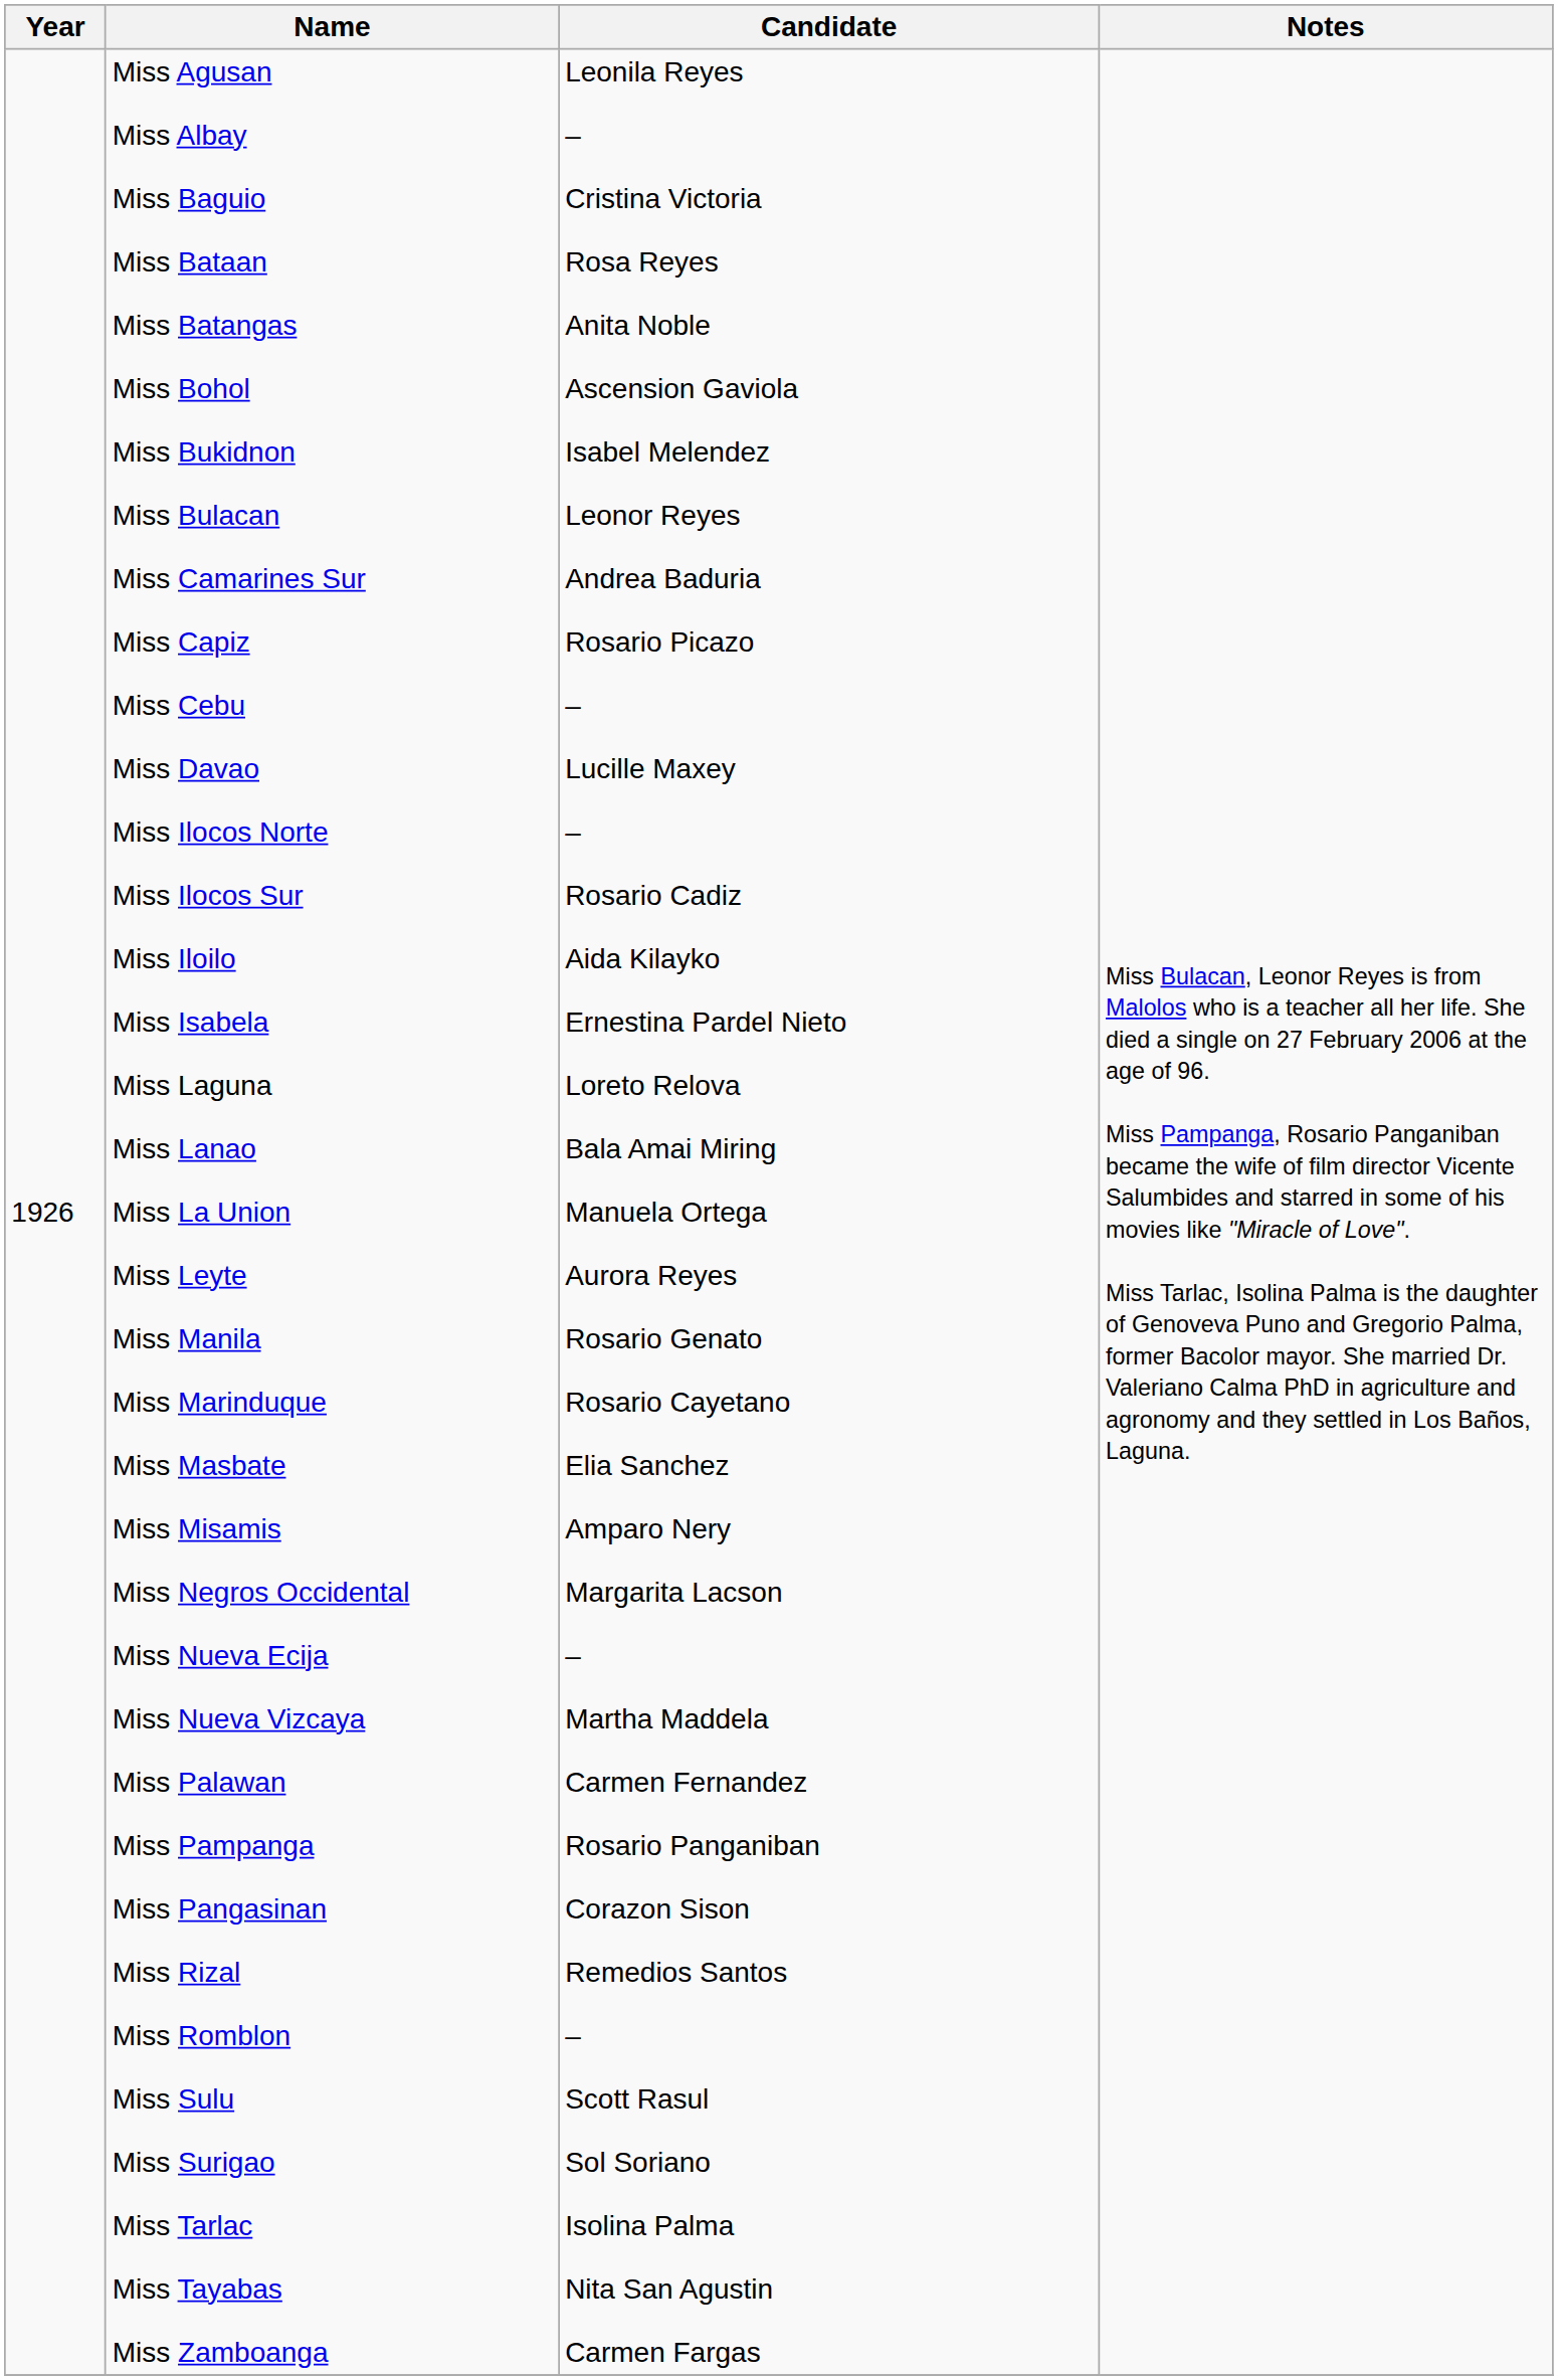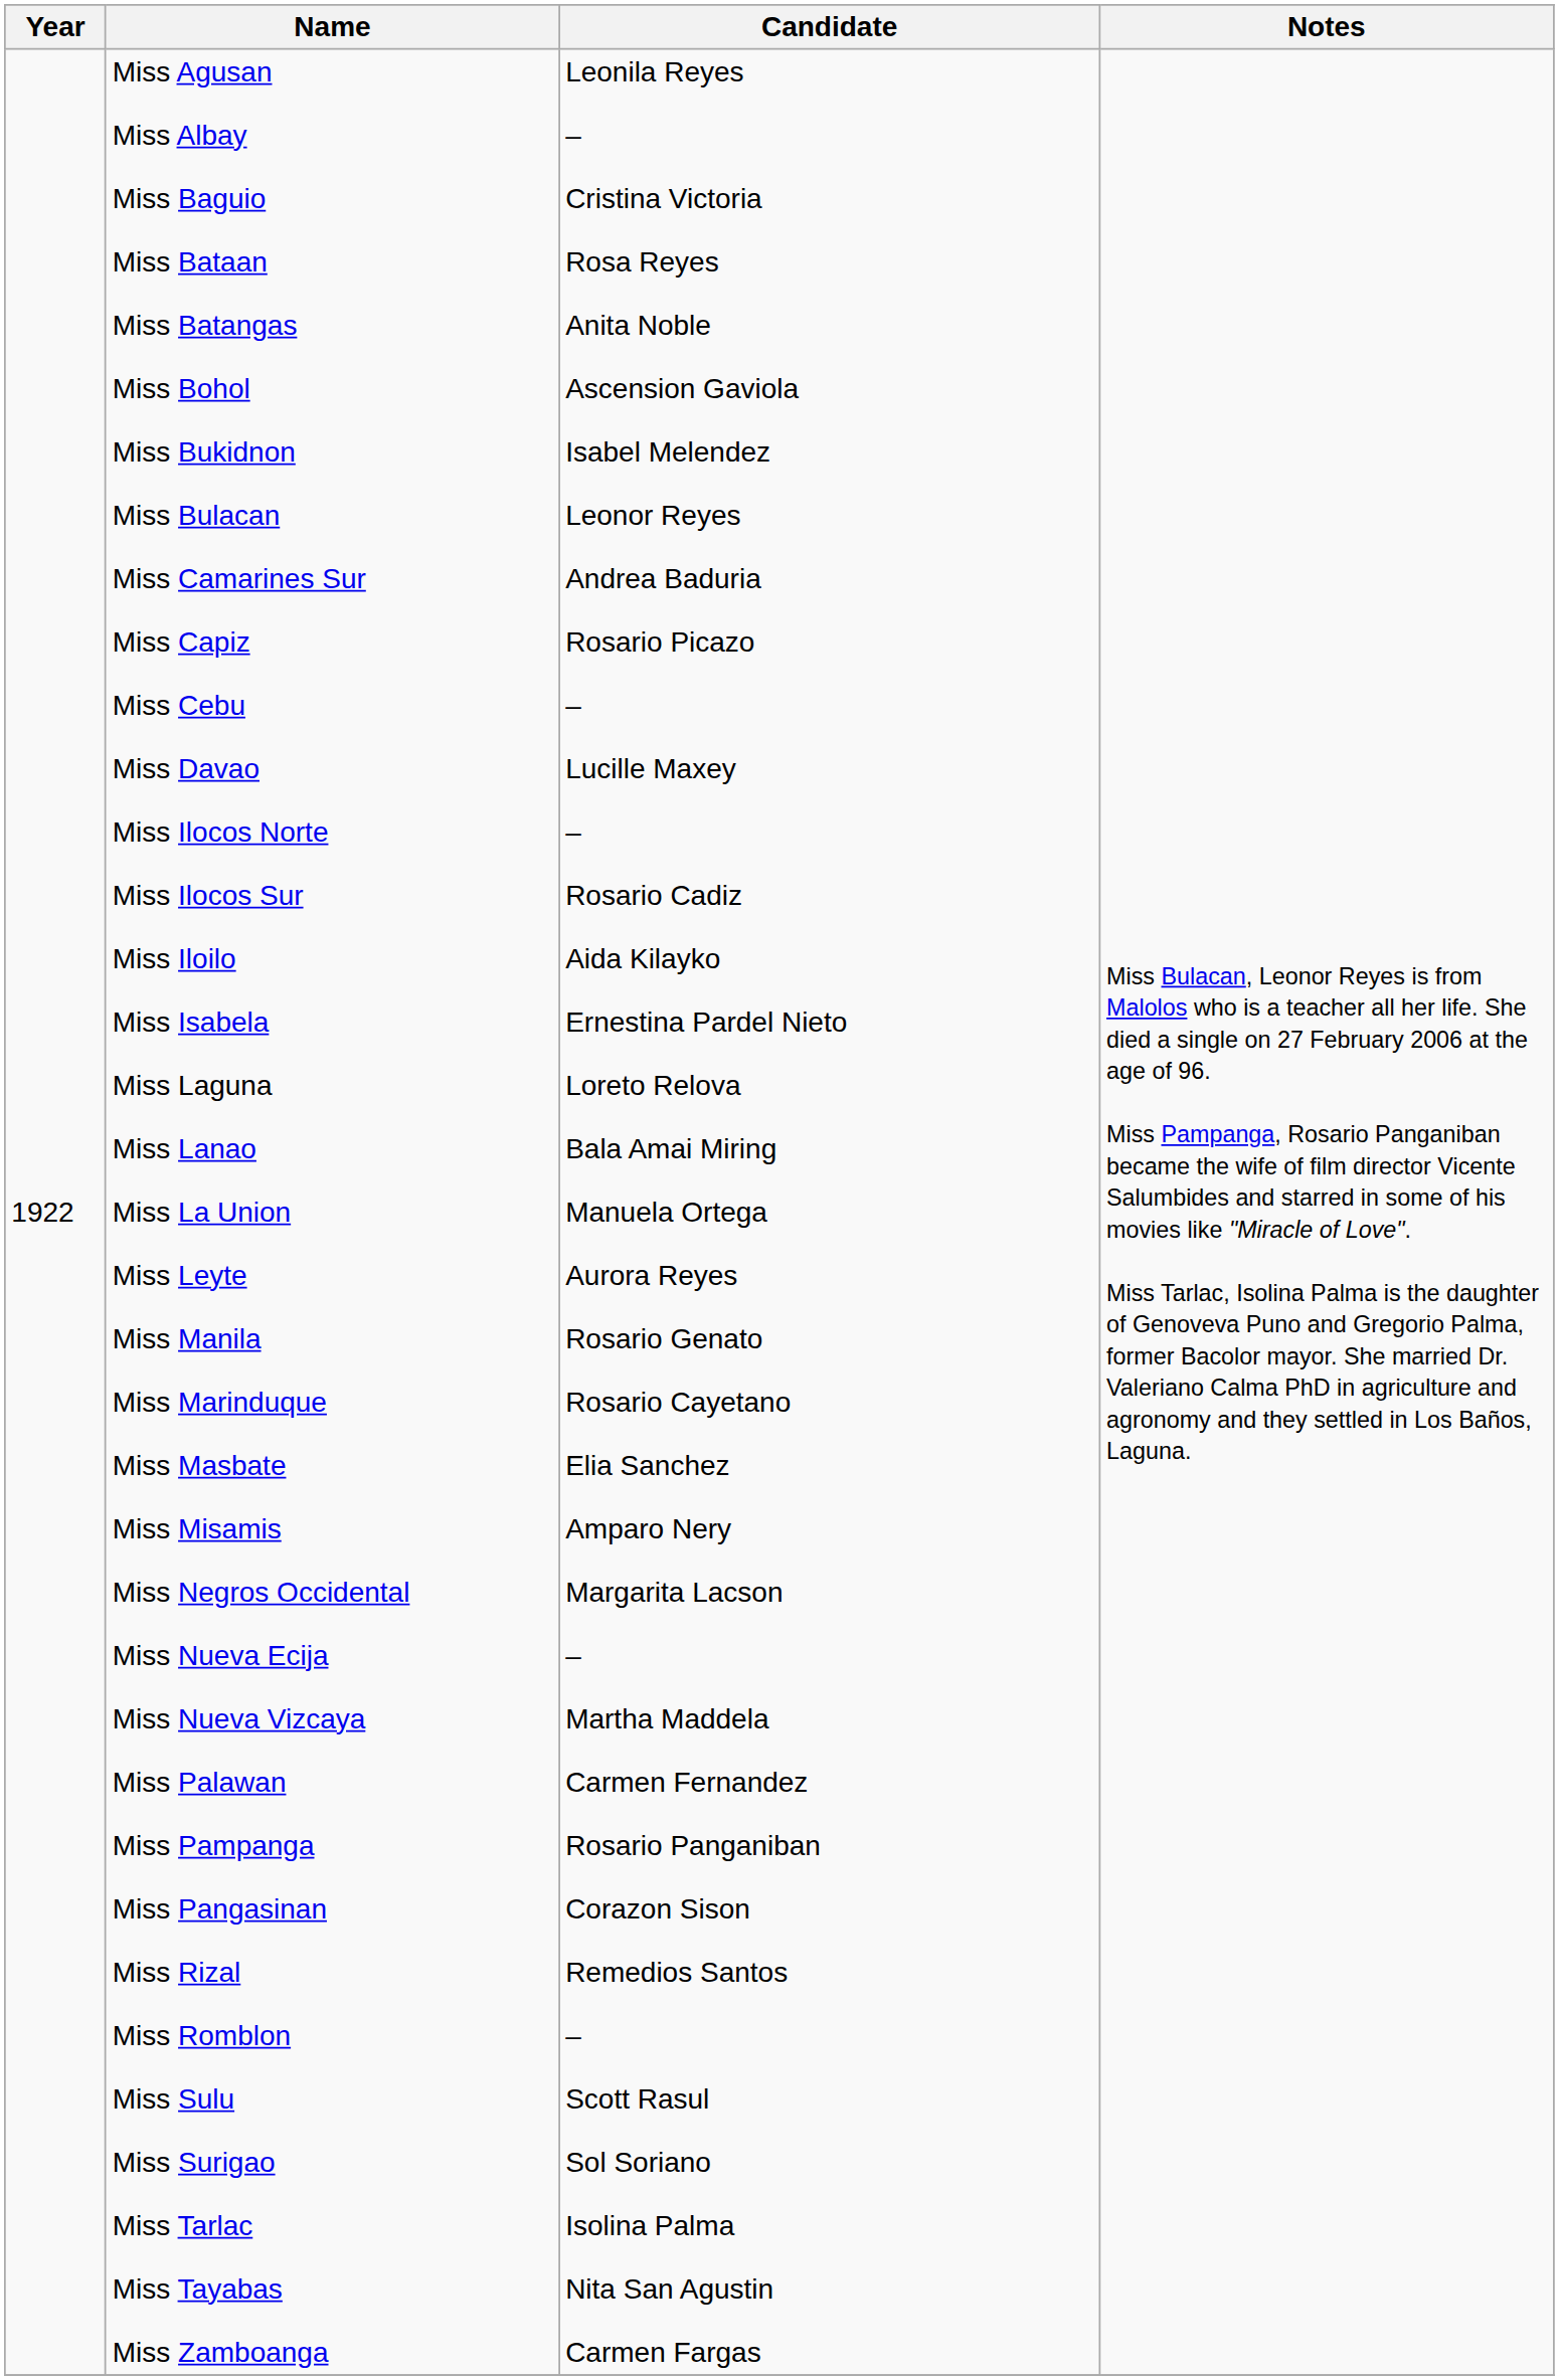 <table class="wikitable">
 <tr>
 <th width="50">Year</th>
 <th width="250">Name</th>
 <th width="300">Candidate</th>
 <th width="250">Notes</th>
 </tr>
 <tr>
-<td>1926</td>
+<td>1922</td>
 <td>Miss <a href='#'>Agusan</a> <br><br> Miss <a href='#'>Albay</a> <br><br> Miss <a href='#'>Baguio</a> <br><br> Miss <a href='#'>Bataan</a> <br><br> Miss <a href='#'>Batangas</a> <br><br> Miss <a href='#'>Bohol</a> <br><br> Miss <a href='#'>Bukidnon</a> <br><br> Miss <a href='#'>Bulacan</a> <br><br> Miss <a href='#'>Camarines Sur</a> <br><br> Miss <a href='#'>Capiz</a> <br><br> Miss <a href='#'>Cebu</a> <br><br> Miss <a href='#'>Davao</a> <br><br> Miss <a href='#'>Ilocos Norte</a> <br><br> Miss <a href='#'>Ilocos Sur</a> <br><br> Miss <a href='#'>Iloilo</a> <br><br> Miss <a href='#'>Isabela</a> <br><br> Miss Laguna <br><br> Miss <a href='#'>Lanao</a> <br><br> Miss <a href='#'>La Union</a> <br><br> Miss <a href='#'>Leyte</a> <br><br> Miss <a href='#'>Manila</a> <br><br> Miss <a href='#'>Marinduque</a> <br><br> Miss <a href='#'>Masbate</a> <br><br> Miss <a href='#'>Misamis</a> <br><br> Miss <a href='#'>Negros Occidental</a> <br><br> Miss <a href='#'>Nueva Ecija</a> <br><br> Miss <a href='#'>Nueva Vizcaya</a> <br><br> Miss <a href='#'>Palawan</a> <br><br> Miss <a href='#'>Pampanga</a> <br><br> Miss <a href='#'>Pangasinan</a> <br><br> Miss <a href='#'>Rizal</a><br><br> Miss <a href='#'>Romblon</a> <br><br> Miss <a href='#'>Sulu</a> <br><br> Miss <a href='#'>Surigao</a> <br><br> Miss <a href='#'>Tarlac</a> <br><br> Miss <a href='#'>Tayabas</a> <br><br> Miss <a href='#'>Zamboanga</a></td>
 <td>Leonila Reyes <br><br> – <br><br> Cristina Victoria <br><br> Rosa Reyes <br><br> Anita Noble <br><br> Ascension Gaviola <br><br> Isabel Melendez <br><br> Leonor Reyes <br><br> Andrea Baduria <br><br> Rosario Picazo <br><br> – <br><br> Lucille Maxey <br><br> – <br><br> Rosario Cadiz <br><br> Aida Kilayko <br><br> Ernestina Pardel Nieto <br><br> Loreto Relova <br><br> Bala Amai Miring <br><br> Manuela Ortega <br><br> Aurora Reyes <br><br> Rosario Genato <br><br> Rosario Cayetano <br><br> Elia Sanchez <br><br> Amparo Nery <br><br> Margarita Lacson <br><br> – <br><br> Martha Maddela <br><br> Carmen Fernandez <br><br> Rosario Panganiban <br><br> Corazon Sison <br><br> Remedios Santos <br><br> – <br><br> Scott Rasul <br><br> Sol Soriano <br><br> Isolina Palma <br><br> Nita San Agustin <br><br> Carmen Fargas</td>
 <td><small> Miss <a href='#'>Bulacan</a>, Leonor Reyes is from <a href='#'>Malolos</a> who is a teacher all her life. She died a single on 27 February 2006 at the age of 96. <br><br> Miss <a href='#'>Pampanga</a>, Rosario Panganiban became the wife of film director Vicente Salumbides and starred in some of his movies like <em>"Miracle of Love"</em>. <br><br> Miss Tarlac, Isolina Palma is the daughter of Genoveva Puno and Gregorio Palma, former Bacolor mayor. She married Dr. Valeriano Calma PhD in agriculture and agronomy and they settled in Los Baños, Laguna.  </small></td>
 </tr>
 <tr>
 </tr>
 </table>
